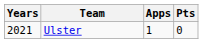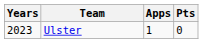 <table class="wikitable" style="text-align:left;">
 <tr>
 <th>Years</th>
 <th width=120px>Team</th>
 <th>Apps</th>
 <th>Pts</th>
 </tr>
 <tr>
-<td>2021</td>
+<td>2023</td>
 <td><a href='#'>Ulster</a></td>
 <td>1</td>
 <td>0</td>
 </tr>
 </table>
